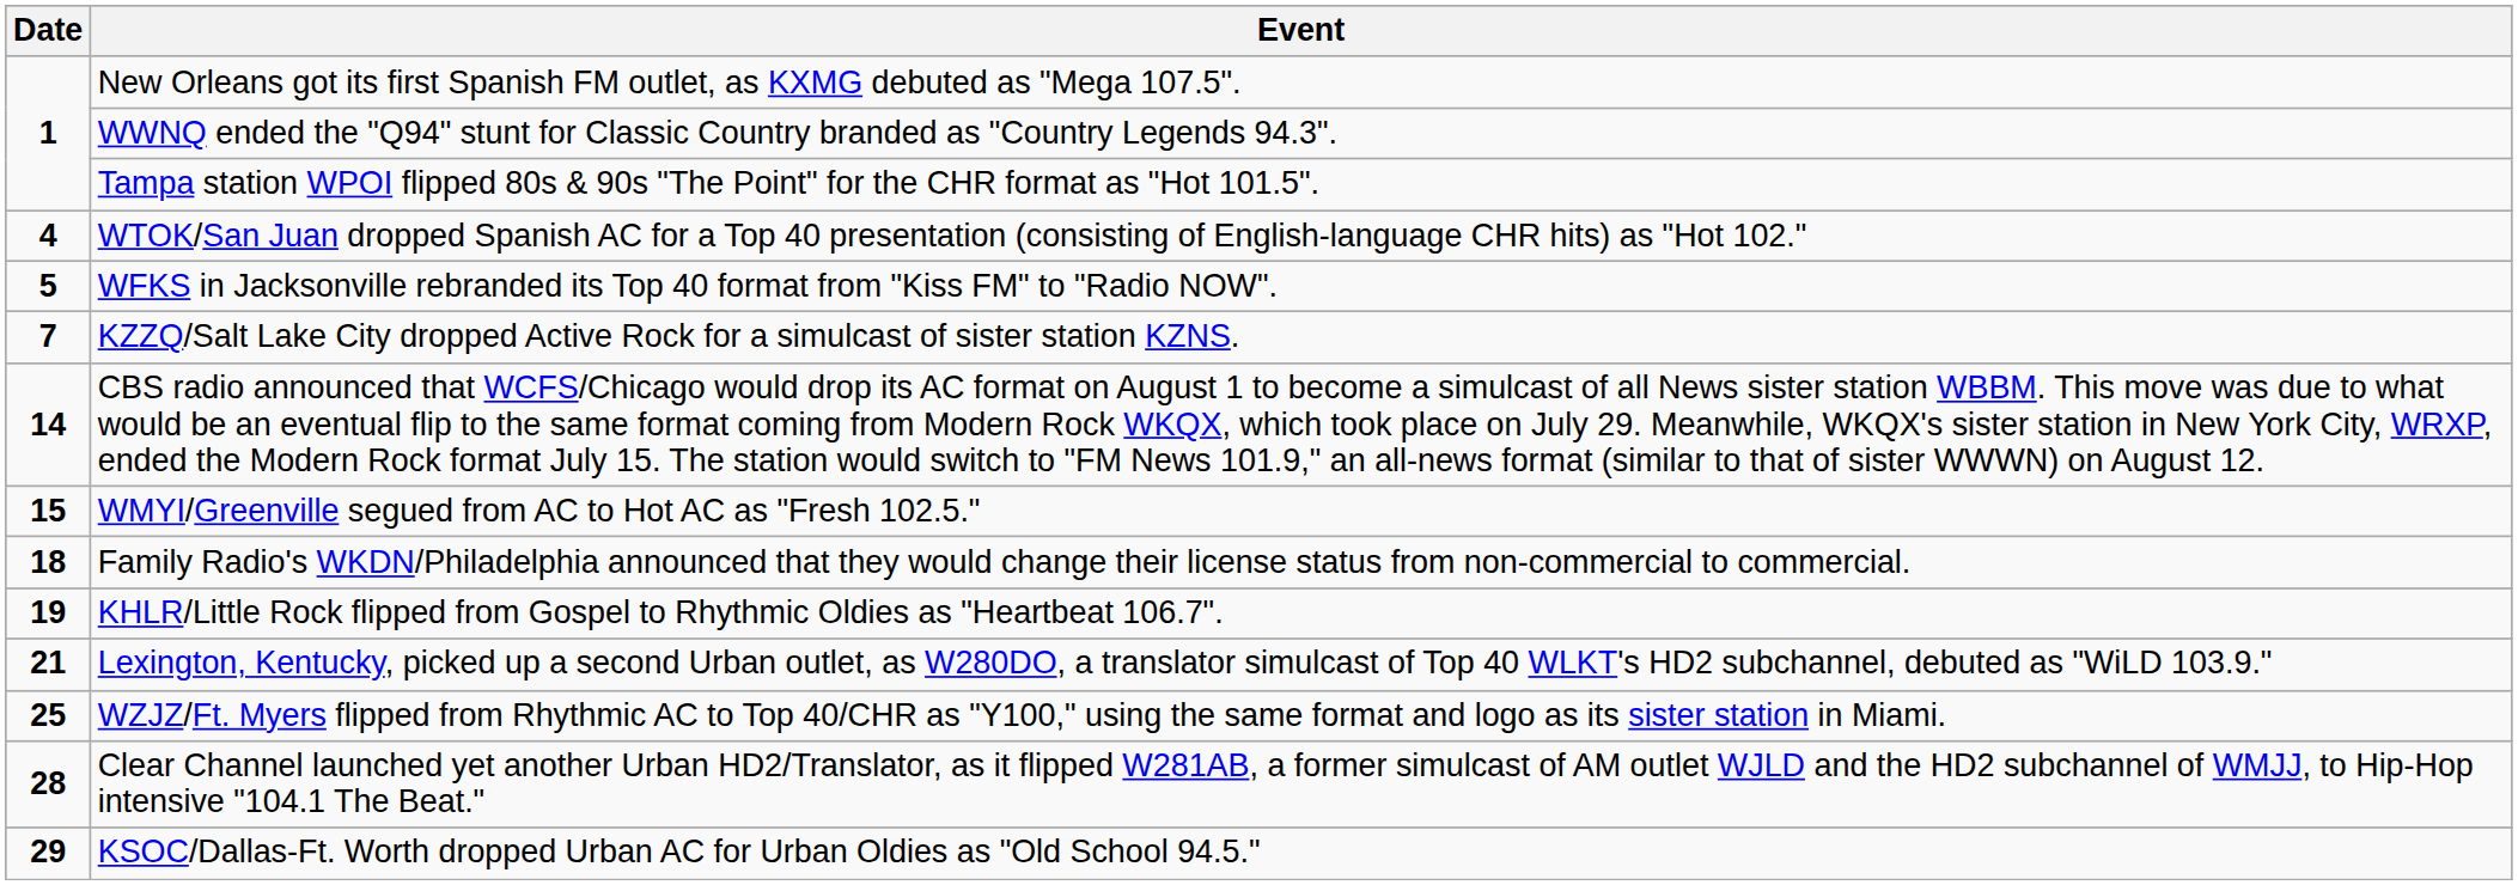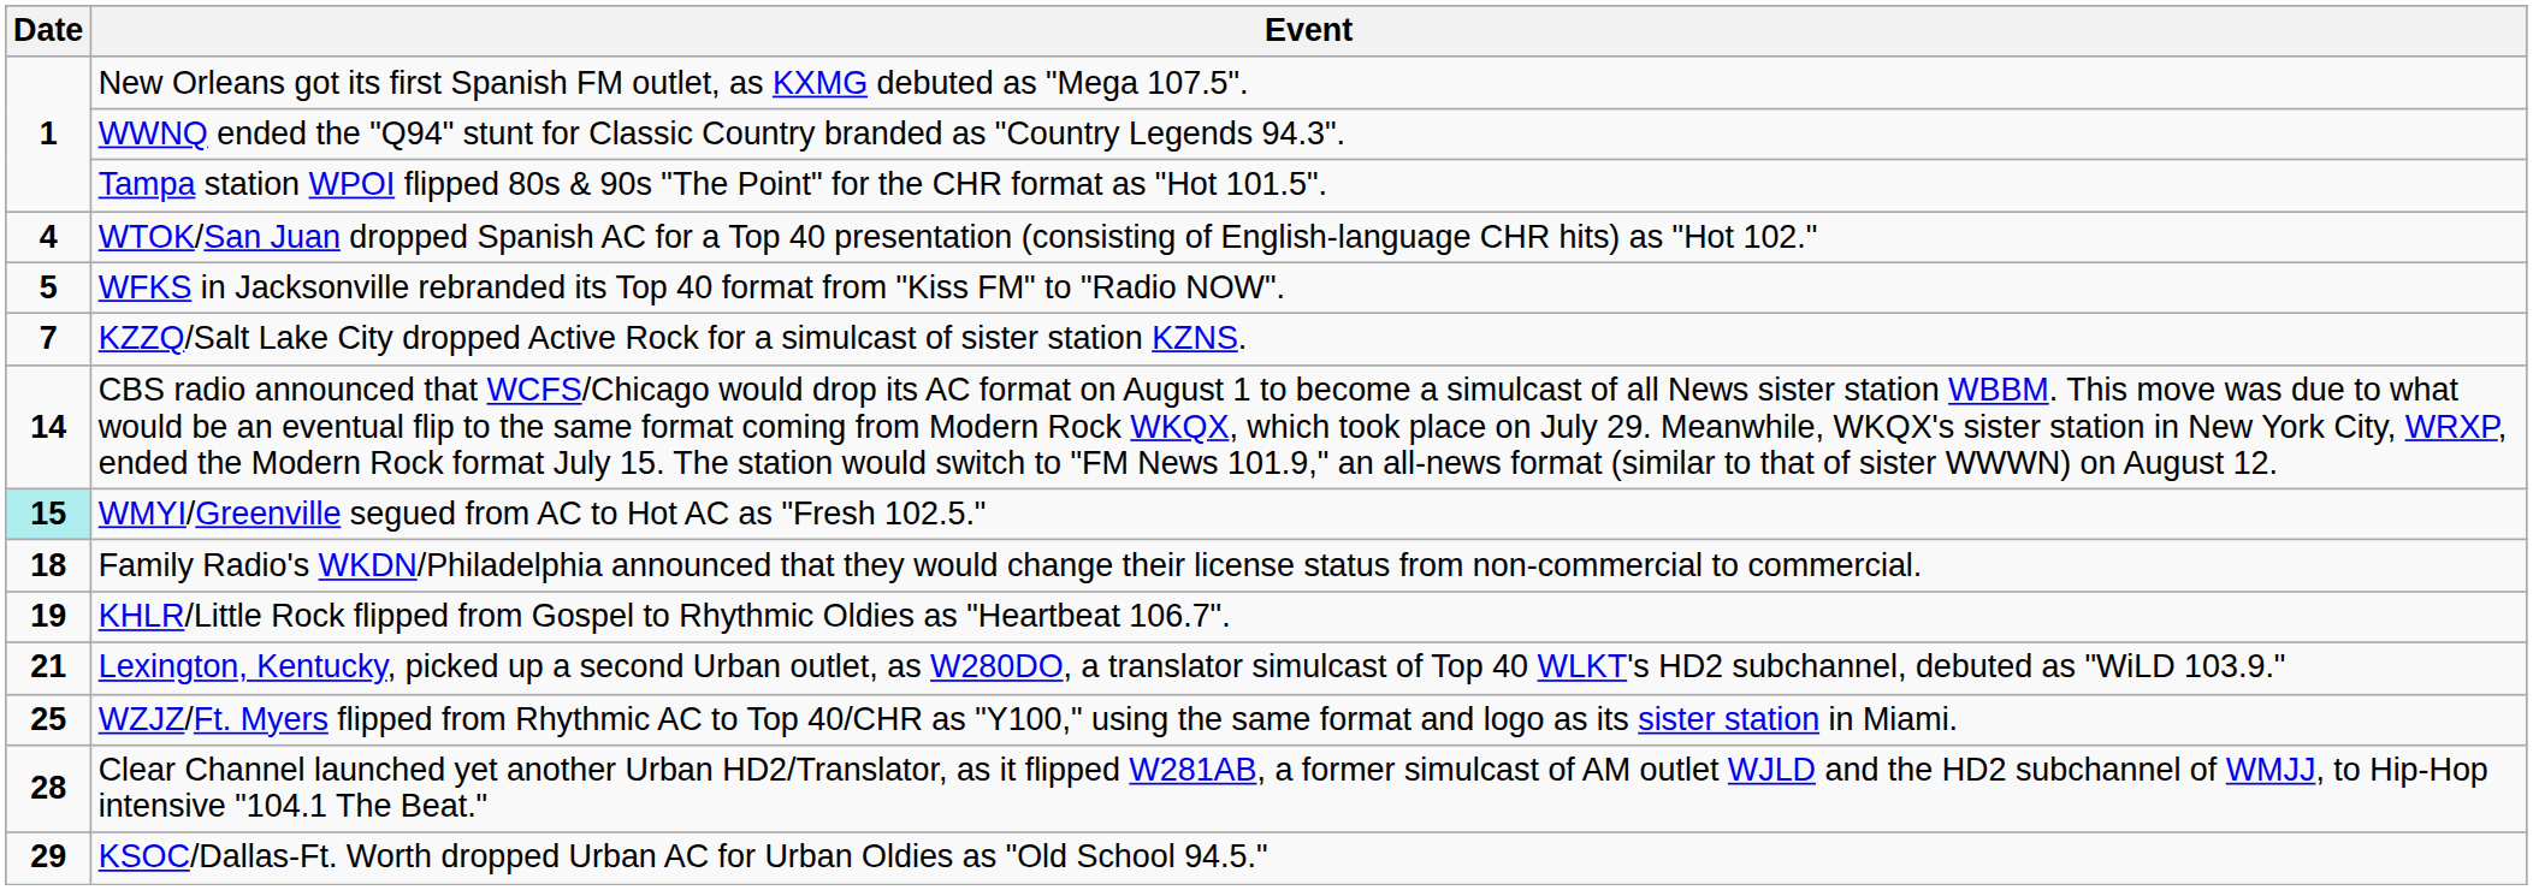 <table class="wikitable">
 <tr>
 <th>Date</th>
 <th>Event</th>
 </tr>
 <tr>
 <td style="text-align:center;" rowspan="3"><strong>1</strong></td>
 <td>New Orleans got its first Spanish FM outlet, as <a href='#'>KXMG</a> debuted as "Mega 107.5".</td>
 </tr>
 <tr>
 <td><a href='#'>WWNQ</a> ended the "Q94" stunt for Classic Country branded as "Country Legends 94.3".</td>
 </tr>
 <tr>
 <td><a href='#'>Tampa</a> station <a href='#'>WPOI</a> flipped 80s & 90s "The Point" for the CHR format as "Hot 101.5".</td>
 </tr>
 <tr>
 <td style="text-align:center;"><strong>4</strong></td>
 <td><a href='#'>WTOK</a>/<a href='#'>San Juan</a> dropped Spanish AC for a Top 40 presentation (consisting of English-language CHR hits) as "Hot 102."</td>
 </tr>
 <tr>
 <td style="text-align:center;"><strong>5</strong></td>
 <td><a href='#'>WFKS</a> in Jacksonville rebranded its Top 40 format from "Kiss FM" to "Radio NOW".</td>
 </tr>
 <tr>
 <td style="text-align:center;"><strong>7</strong></td>
 <td><a href='#'>KZZQ</a>/Salt Lake City dropped Active Rock for a simulcast of sister station <a href='#'>KZNS</a>.</td>
 </tr>
 <tr>
 <td style="text-align:center;"><strong>14</strong></td>
 <td>CBS radio announced that <a href='#'>WCFS</a>/Chicago would drop its AC format on August 1 to become a simulcast of all News sister station <a href='#'>WBBM</a>. This move was due to what would be an eventual flip to the same format coming from Modern Rock <a href='#'>WKQX</a>, which took place on July 29. Meanwhile, WKQX's sister station in New York City, <a href='#'>WRXP</a>, ended the Modern Rock format July 15. The station would switch to "FM News 101.9," an all-news format (similar to that of sister WWWN) on August 12.</td>
 </tr>
 <tr>
-<td style="text-align:center;"><strong>15</strong></td>
+<td style="background: paleturquoise; text-align:center;"><strong>15</strong></td>
 <td><a href='#'>WMYI</a>/<a href='#'>Greenville</a> segued from AC to Hot AC as "Fresh 102.5."</td>
 </tr>
 <tr>
 <td style="text-align:center;"><strong>18</strong></td>
 <td>Family Radio's <a href='#'>WKDN</a>/Philadelphia announced that they would change their license status from non-commercial to commercial.</td>
 </tr>
 <tr>
 <td style="text-align:center;"><strong>19</strong></td>
 <td><a href='#'>KHLR</a>/Little Rock flipped from Gospel to Rhythmic Oldies as "Heartbeat 106.7".</td>
 </tr>
 <tr>
 <td style="text-align:center;"><strong>21</strong></td>
 <td><a href='#'>Lexington, Kentucky</a>, picked up a second Urban outlet, as <a href='#'>W280DO</a>, a translator simulcast of Top 40 <a href='#'>WLKT</a>'s HD2 subchannel, debuted as "WiLD 103.9."</td>
 </tr>
 <tr>
 <td style="text-align:center;"><strong>25</strong></td>
 <td><a href='#'>WZJZ</a>/<a href='#'>Ft. Myers</a> flipped from Rhythmic AC to Top 40/CHR as "Y100," using the same format and logo as its <a href='#'>sister station</a> in Miami.</td>
 </tr>
 <tr>
 <td style="text-align:center;"><strong>28</strong></td>
 <td>Clear Channel launched yet another Urban HD2/Translator, as it flipped <a href='#'>W281AB</a>, a former simulcast of AM outlet <a href='#'>WJLD</a> and the HD2 subchannel of <a href='#'>WMJJ</a>, to Hip-Hop intensive "104.1 The Beat."</td>
 </tr>
 <tr>
 <td style="text-align:center;"><strong>29</strong></td>
 <td><a href='#'>KSOC</a>/Dallas-Ft. Worth dropped Urban AC for Urban Oldies as "Old School 94.5."</td>
 </tr>
 </table>
